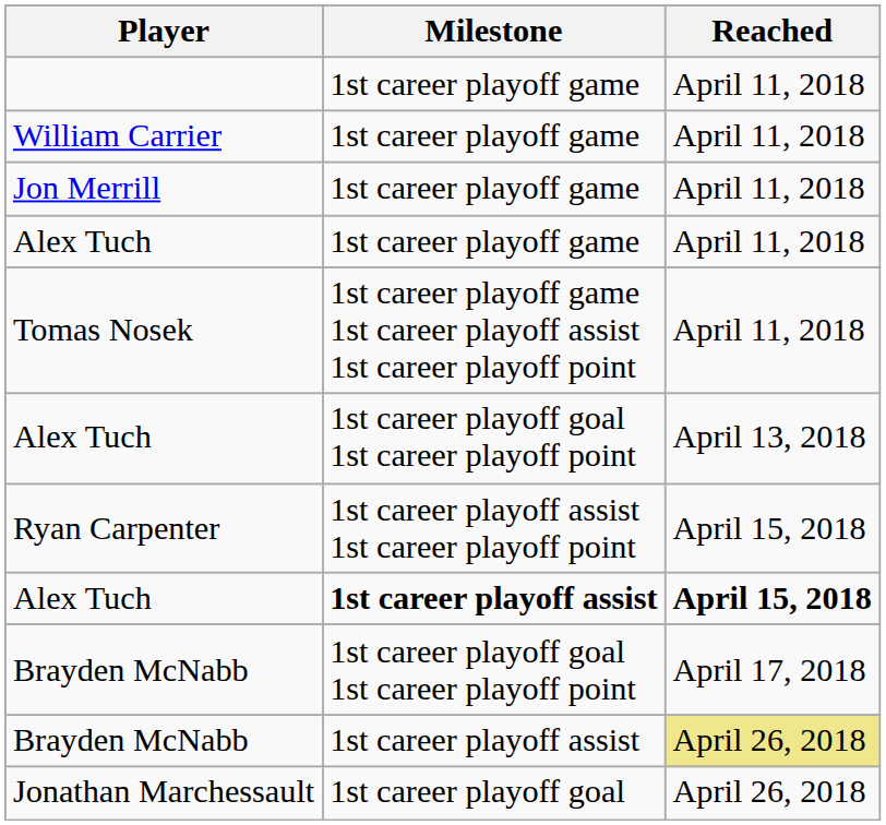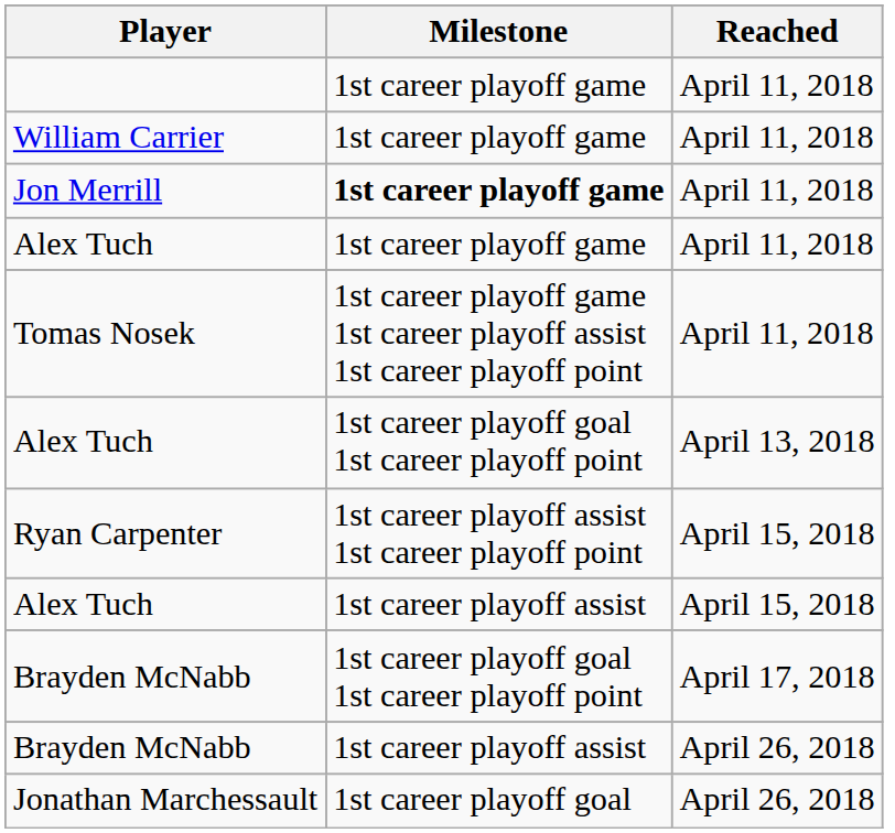 <table class="wikitable sortable">
 <tr>
 <th>Player</th>
 <th>Milestone</th>
 <th data-sort-type="date">Reached</th>
 </tr>
 <tr>
 <td></td>
 <td>1st career playoff game</td>
 <td>April 11, 2018</td>
 </tr>
 <tr>
 <td><a href='#'>William Carrier</a></td>
 <td>1st career playoff game</td>
 <td>April 11, 2018</td>
 </tr>
 <tr>
 <td><a href='#'>Jon Merrill</a></td>
-<td>1st career playoff game</td>
+<td><strong>1st career playoff game</strong></td>
 <td>April 11, 2018</td>
 </tr>
 <tr>
 <td>Alex Tuch</td>
 <td>1st career playoff game</td>
 <td>April 11, 2018</td>
 </tr>
 <tr>
 <td>Tomas Nosek</td>
 <td>1st career playoff game<br>1st career playoff assist<br>1st career playoff point</td>
 <td>April 11, 2018</td>
 </tr>
 <tr>
 <td>Alex Tuch</td>
 <td>1st career playoff goal<br>1st career playoff point</td>
 <td>April 13, 2018</td>
 </tr>
 <tr>
 <td>Ryan Carpenter</td>
 <td>1st career playoff assist<br>1st career playoff point</td>
 <td>April 15, 2018</td>
 </tr>
 <tr>
 <td>Alex Tuch</td>
-<td><strong>1st career playoff assist</strong></td>
-<td><strong>April 15, 2018</strong></td>
+<td>1st career playoff assist</td>
+<td>April 15, 2018</td>
 </tr>
 <tr>
 <td>Brayden McNabb</td>
 <td>1st career playoff goal<br>1st career playoff point</td>
 <td>April 17, 2018</td>
 </tr>
 <tr>
 <td>Brayden McNabb</td>
 <td>1st career playoff assist</td>
-<td style="background: khaki;">April 26, 2018</td>
+<td>April 26, 2018</td>
 </tr>
 <tr>
 <td>Jonathan Marchessault</td>
 <td>1st career playoff goal</td>
 <td>April 26, 2018</td>
 </tr>
 </table>
